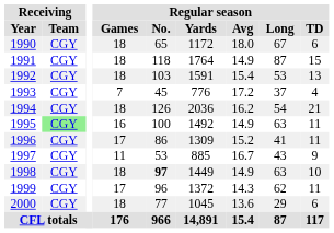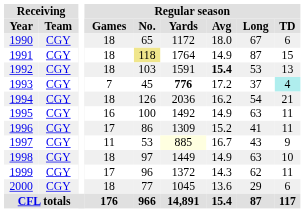 <table BORDER="0" CELLPADDING="1" CELLSPACING="0" width="65%" style="text-align:center">
 <tr bgcolor="#e0e0e0">
 <th colspan="2">Receiving</th>
 <th rowspan="99" bgcolor="#ffffff"> </th>
 <th colspan="6">Regular season</th>
 </tr>
 <tr bgcolor="#e0e0e0">
 <th>Year</th>
 <th>Team</th>
 <th>Games</th>
 <th>No.</th>
 <th>Yards</th>
 <th>Avg</th>
 <th>Long</th>
 <th>TD</th>
 </tr>
 <tr ALIGN="center" bgcolor="#f0f0f0">
 <td><a href='#'>1990</a></td>
 <td><a href='#'>CGY</a></td>
 <td>18</td>
 <td>65</td>
 <td>1172</td>
 <td>18.0</td>
 <td>67</td>
 <td>6</td>
 </tr>
 <tr ALIGN="center">
 <td><a href='#'>1991</a></td>
 <td><a href='#'>CGY</a></td>
 <td>18</td>
-<td>118</td>
+<td style="background: khaki;">118</td>
 <td>1764</td>
 <td>14.9</td>
 <td>87</td>
 <td>15</td>
 </tr>
 <tr ALIGN="center" bgcolor="#f0f0f0">
 <td><a href='#'>1992</a></td>
 <td><a href='#'>CGY</a></td>
 <td>18</td>
 <td>103</td>
 <td>1591</td>
-<td>15.4</td>
+<td><strong>15.4</strong></td>
 <td>53</td>
 <td>13</td>
 </tr>
 <tr ALIGN="center">
 <td><a href='#'>1993</a></td>
 <td><a href='#'>CGY</a></td>
 <td>7</td>
 <td>45</td>
-<td>776</td>
+<td><strong>776</strong></td>
 <td>17.2</td>
 <td>37</td>
-<td>4</td>
+<td style="background: paleturquoise;">4</td>
 </tr>
 <tr ALIGN="center" bgcolor="#f0f0f0">
 <td><a href='#'>1994</a></td>
 <td><a href='#'>CGY</a></td>
 <td>18</td>
 <td>126</td>
 <td>2036</td>
 <td>16.2</td>
 <td>54</td>
 <td>21</td>
 </tr>
 <tr ALIGN="center">
 <td><a href='#'>1995</a></td>
-<td style="background: lightgreen;"><a href='#'>CGY</a></td>
+<td><a href='#'>CGY</a></td>
 <td>16</td>
 <td>100</td>
 <td>1492</td>
 <td>14.9</td>
 <td>63</td>
 <td>11</td>
 </tr>
 <tr ALIGN="center" bgcolor="#f0f0f0">
 <td><a href='#'>1996</a></td>
 <td><a href='#'>CGY</a></td>
 <td>17</td>
 <td>86</td>
 <td>1309</td>
 <td>15.2</td>
 <td>41</td>
 <td>11</td>
 </tr>
 <tr ALIGN="center">
 <td><a href='#'>1997</a></td>
 <td><a href='#'>CGY</a></td>
 <td>11</td>
 <td>53</td>
-<td>885</td>
+<td style="background: lightyellow;">885</td>
 <td>16.7</td>
 <td>43</td>
 <td>9</td>
 </tr>
 <tr ALIGN="center" bgcolor="#f0f0f0">
 <td><a href='#'>1998</a></td>
 <td><a href='#'>CGY</a></td>
 <td>18</td>
-<td><strong>97</strong></td>
+<td>97</td>
 <td>1449</td>
 <td>14.9</td>
 <td>63</td>
 <td>10</td>
 </tr>
 <tr ALIGN="center">
 <td><a href='#'>1999</a></td>
 <td><a href='#'>CGY</a></td>
 <td>17</td>
 <td>96</td>
 <td>1372</td>
 <td>14.3</td>
 <td>62</td>
 <td>11</td>
 </tr>
 <tr ALIGN="center" bgcolor="#f0f0f0">
 <td><a href='#'>2000</a></td>
 <td><a href='#'>CGY</a></td>
 <td>18</td>
 <td>77</td>
 <td>1045</td>
 <td>13.6</td>
 <td>29</td>
 <td>6</td>
 </tr>
 <tr bgcolor="#e0e0e0">
 <th colspan="3"><a href='#'>CFL</a> totals</th>
 <th>176</th>
 <th>966</th>
 <th>14,891</th>
 <th>15.4</th>
 <th>87</th>
 <th>117</th>
 </tr>
 </table>
